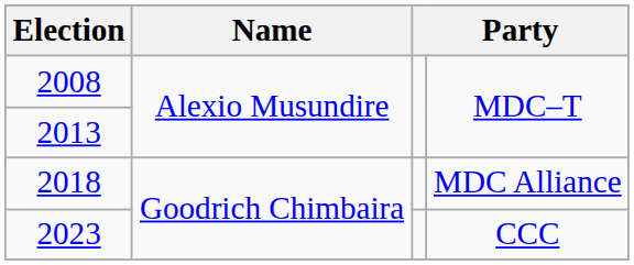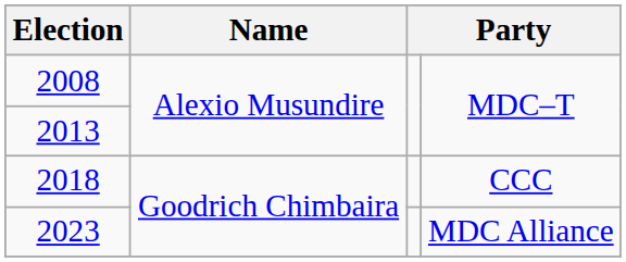 <table class="wikitable" style="text-align:center">
 <tr>
 <th>Election</th>
 <th>Name</th>
 <th colspan="2">Party</th>
 </tr>
 <tr>
 <td><a href='#'>2008</a></td>
 <td rowspan="2"><a href='#'>Alexio Musundire</a></td>
 <td rowspan="2" style="background-color: "></td>
 <td rowspan="2"><a href='#'>MDC–T</a></td>
 </tr>
 <tr>
 <td><a href='#'>2013</a></td>
 </tr>
 <tr>
 <td><a href='#'>2018</a></td>
 <td rowspan="2"><a href='#'>Goodrich Chimbaira</a></td>
 <td style="background-color: "></td>
-<td><a href='#'>MDC Alliance</a></td>
+<td><a href='#'>CCC</a></td>
 </tr>
 <tr>
 <td><a href='#'>2023</a></td>
 <td style="background-color: "></td>
-<td><a href='#'>CCC</a></td>
+<td><a href='#'>MDC Alliance</a></td>
 </tr>
 </table>
